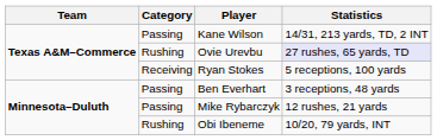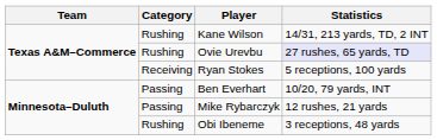 <table class="wikitable" style="float: right;">
 <tr>
 <th>Team</th>
 <th>Category</th>
 <th>Player</th>
 <th>Statistics</th>
 </tr>
 <tr>
 <td rowspan=3><strong>Texas A&M–Commerce</strong></td>
-<td>Passing</td>
+<td>Rushing</td>
 <td>Kane Wilson</td>
 <td>14/31, 213 yards, TD, 2 INT</td>
 </tr>
 <tr>
 <td>Rushing</td>
 <td>Ovie Urevbu</td>
 <td style="background: lavender;">27 rushes, 65 yards, TD</td>
 </tr>
 <tr>
 <td>Receiving</td>
 <td>Ryan Stokes</td>
 <td>5 receptions, 100 yards</td>
 </tr>
 <tr>
 <td rowspan=3><strong>Minnesota–Duluth</strong></td>
 <td>Passing</td>
 <td>Ben Everhart</td>
-<td>3 receptions, 48 yards</td>
+<td>10/20, 79 yards, INT</td>
 </tr>
 <tr>
 <td>Passing</td>
 <td>Mike Rybarczyk</td>
 <td>12 rushes, 21 yards</td>
 </tr>
 <tr>
 <td>Rushing</td>
 <td>Obi Ibeneme</td>
-<td>10/20, 79 yards, INT</td>
+<td>3 receptions, 48 yards</td>
 </tr>
 </table>
